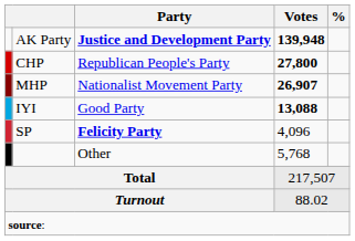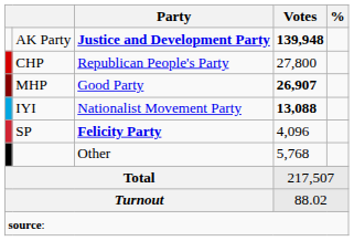 <table class="wikitable">
 <tr>
 <th colspan="2" align="center"></th>
 <th align="center">Party</th>
 <th align="center">Votes</th>
 <th align="center">%</th>
 </tr>
 <tr align="left">
 <td></td>
 <td>AK Party</td>
 <td><strong><a href='#'>Justice and Development Party</a></strong></td>
 <td><strong>139,948</strong></td>
 <td><strong></strong></td>
 </tr>
 <tr align="left">
 <td bgcolor="#d50000" width="1"></td>
 <td>CHP</td>
 <td><a href='#'>Republican People's Party</a></td>
-<td><strong>27,800</strong></td>
+<td>27,800</td>
 <td></td>
 </tr>
 <tr align="left">
 <td bgcolor="#870000" width="1"></td>
 <td>MHP</td>
-<td><a href='#'>Nationalist Movement Party</a></td>
+<td><a href='#'>Good Party</a></td>
 <td><strong>26,907</strong></td>
 <td></td>
 </tr>
 <tr align="left">
 <td bgcolor="#01A7E1" width="1"></td>
 <td>IYI</td>
-<td><a href='#'>Good Party</a></td>
+<td><a href='#'>Nationalist Movement Party</a></td>
 <td><strong>13,088</strong></td>
 <td></td>
 </tr>
 <tr align="left">
 <td bgcolor="#D02433" width="1"></td>
 <td>SP</td>
 <td><strong><a href='#'>Felicity Party</a></strong></td>
 <td>4,096</td>
 <td></td>
 </tr>
 <tr align="left">
 <td bgcolor=" " width="1"></td>
 <td></td>
 <td>Other</td>
 <td>5,768</td>
 <td></td>
 </tr>
 <tr align="left" style="background-color:#E9E9E9">
 <th colspan="3" align="center"><strong>Total</strong></th>
 <td colspan="5" align="center">217,507</td>
 </tr>
 <tr align="left" style="background-color:#E9E9E9">
 <th colspan="3" align="center"><em>Turnout</em></th>
 <td colspan="5" align="center">88.02</td>
 </tr>
 <tr>
 <td colspan="9" align="left"><small><strong>source</strong>: </small></td>
 </tr>
 </table>
